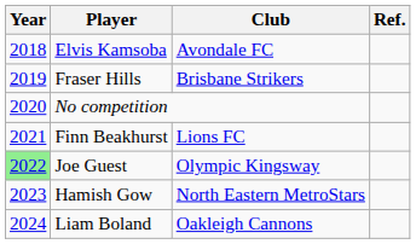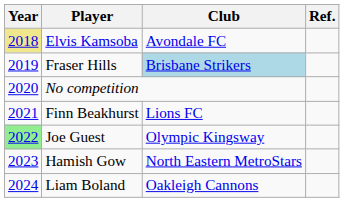 <table class="wikitable">
 <tr>
 <th>Year</th>
 <th>Player</th>
 <th>Club</th>
 <th>Ref.</th>
 </tr>
 <tr>
-<td><a href='#'>2018</a></td>
+<td style="background: khaki;"><a href='#'>2018</a></td>
 <td> <a href='#'>Elvis Kamsoba</a></td>
 <td><a href='#'>Avondale FC</a></td>
 <td></td>
 </tr>
 <tr>
 <td><a href='#'>2019</a></td>
 <td> Fraser Hills</td>
-<td><a href='#'>Brisbane Strikers</a></td>
+<td style="background: lightblue;"><a href='#'>Brisbane Strikers</a></td>
 <td></td>
 </tr>
 <tr>
 <td><a href='#'>2020</a></td>
 <td colspan="2"><em>No competition</em></td>
 <td></td>
 </tr>
 <tr>
 <td><a href='#'>2021</a></td>
 <td> Finn Beakhurst</td>
 <td><a href='#'>Lions FC</a></td>
 <td></td>
 </tr>
 <tr>
 <td style="background: lightgreen;"><a href='#'>2022</a></td>
 <td> Joe Guest</td>
 <td><a href='#'>Olympic Kingsway</a></td>
 <td></td>
 </tr>
 <tr>
 <td><a href='#'>2023</a></td>
 <td> Hamish Gow</td>
 <td><a href='#'>North Eastern MetroStars</a></td>
 <td></td>
 </tr>
 <tr>
 <td><a href='#'>2024</a></td>
 <td> Liam Boland</td>
 <td><a href='#'>Oakleigh Cannons</a></td>
 <td></td>
 </tr>
 </table>
